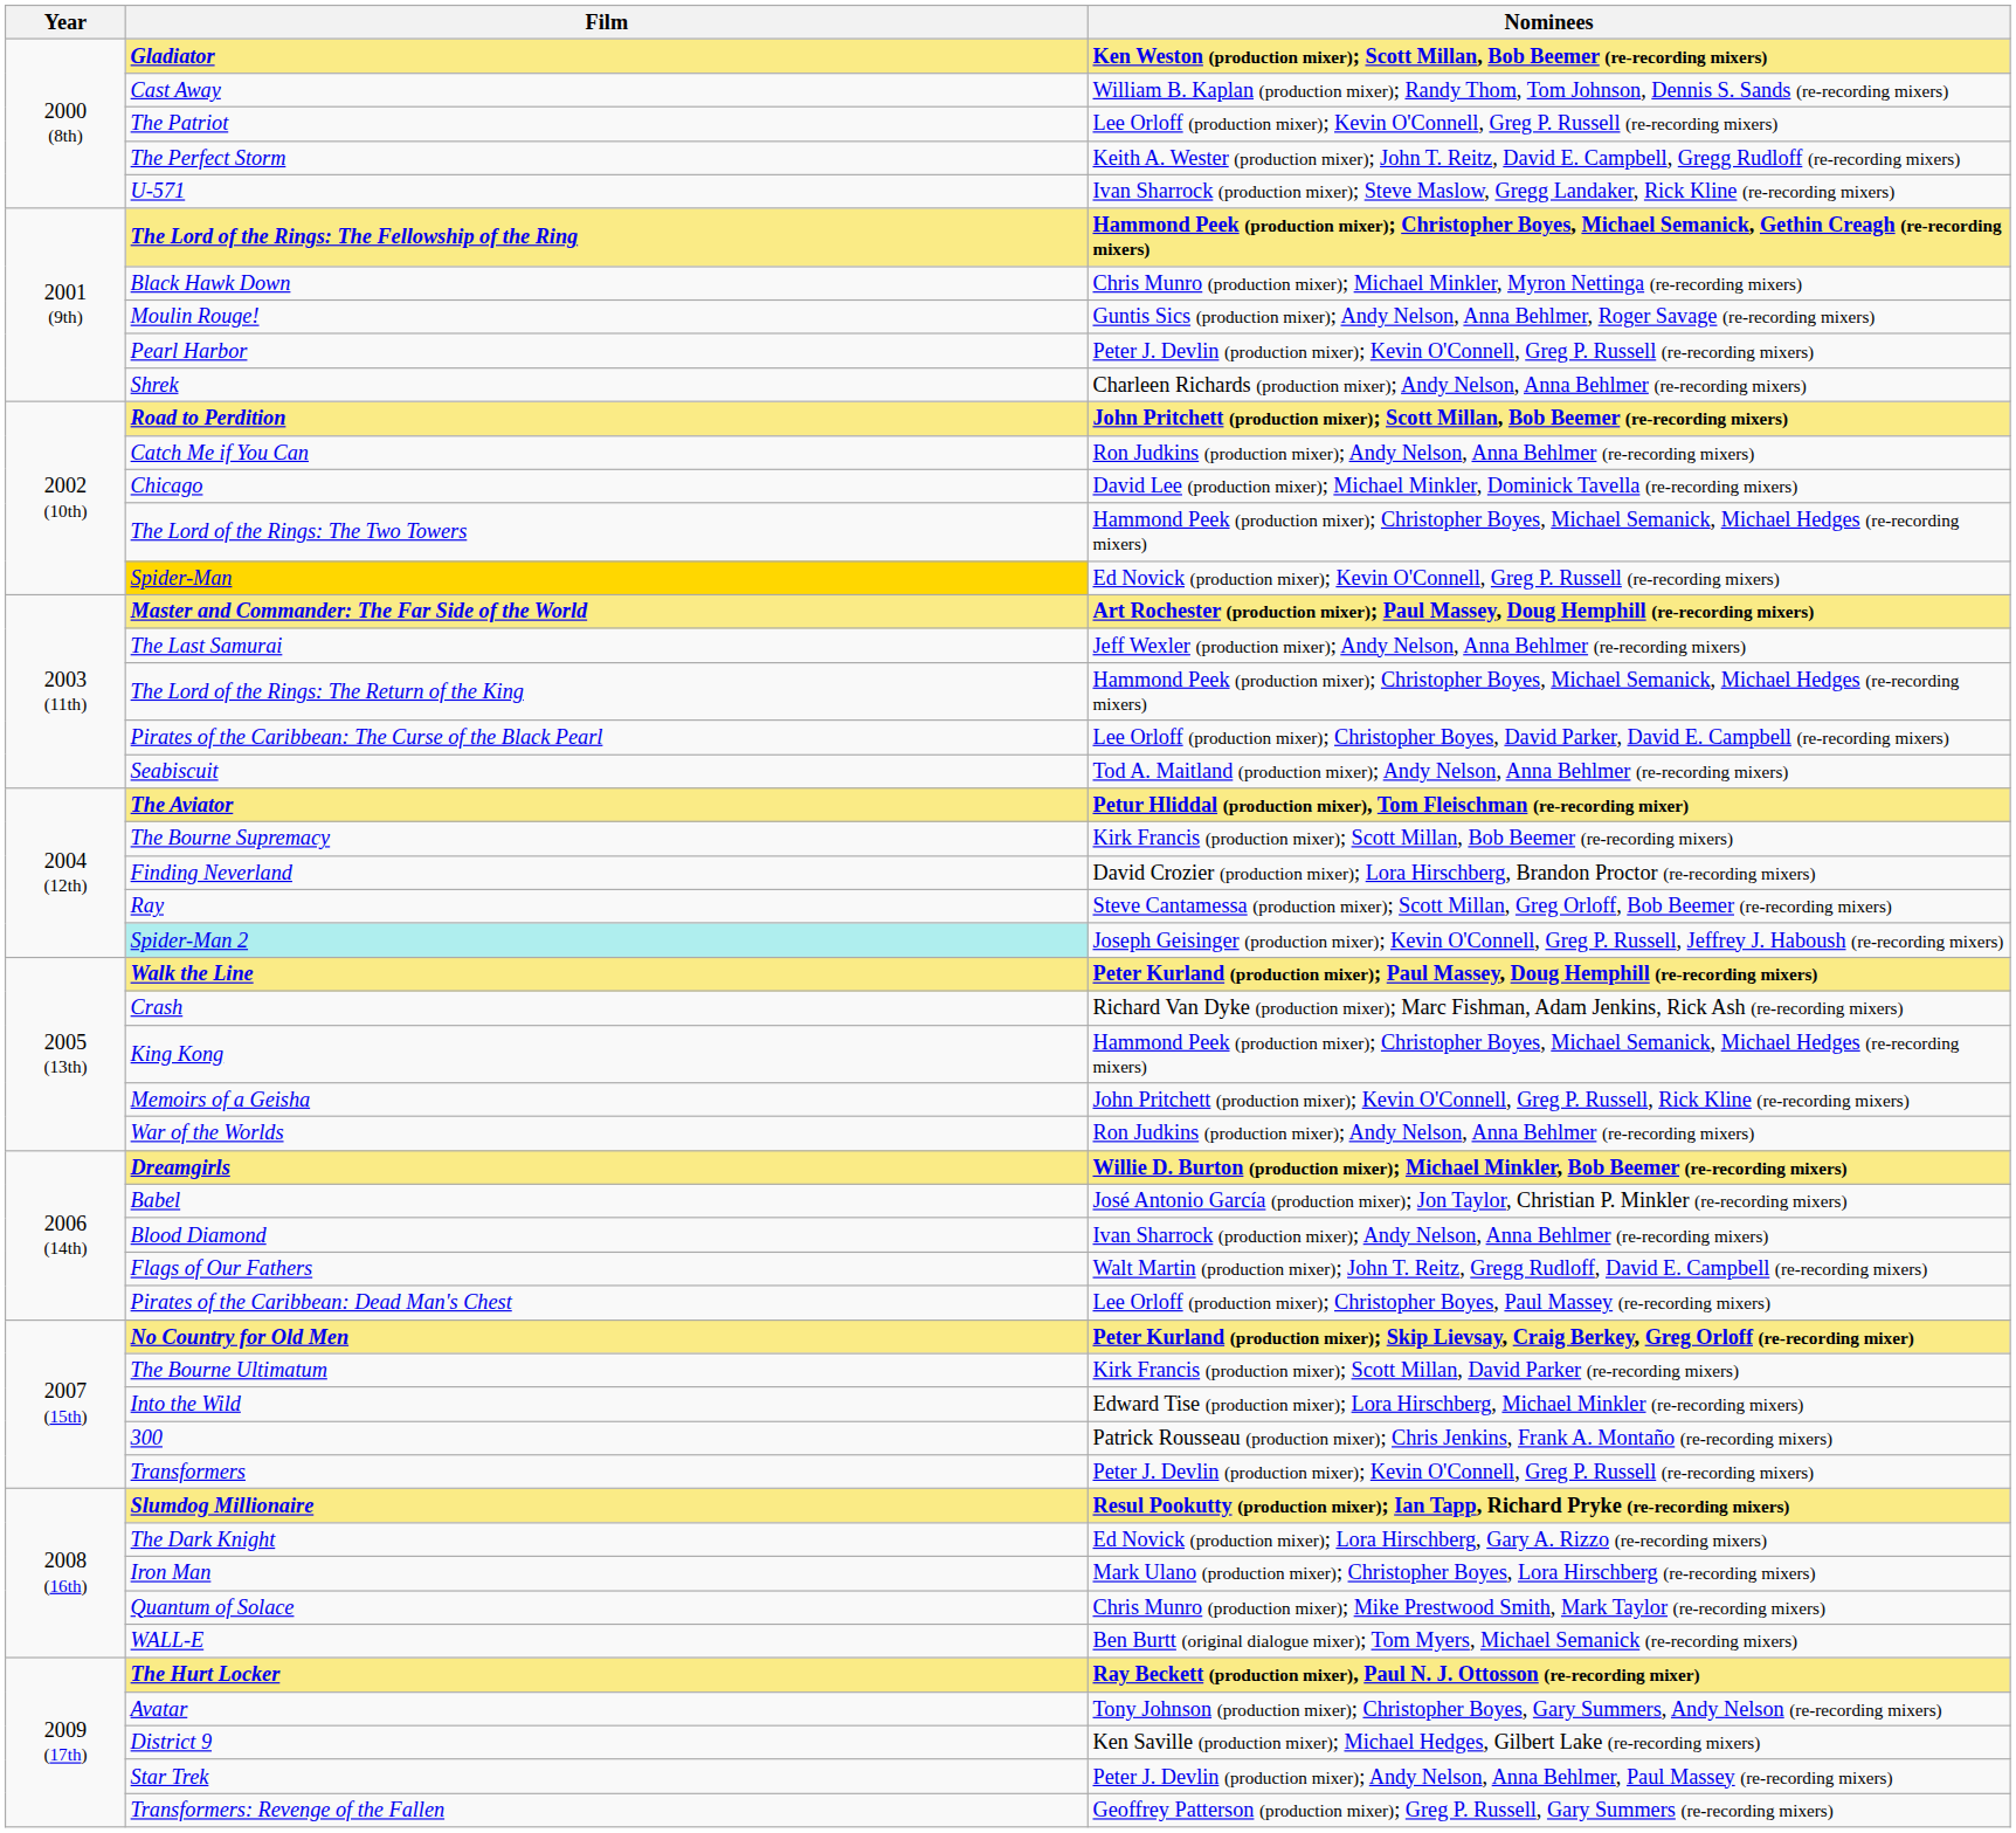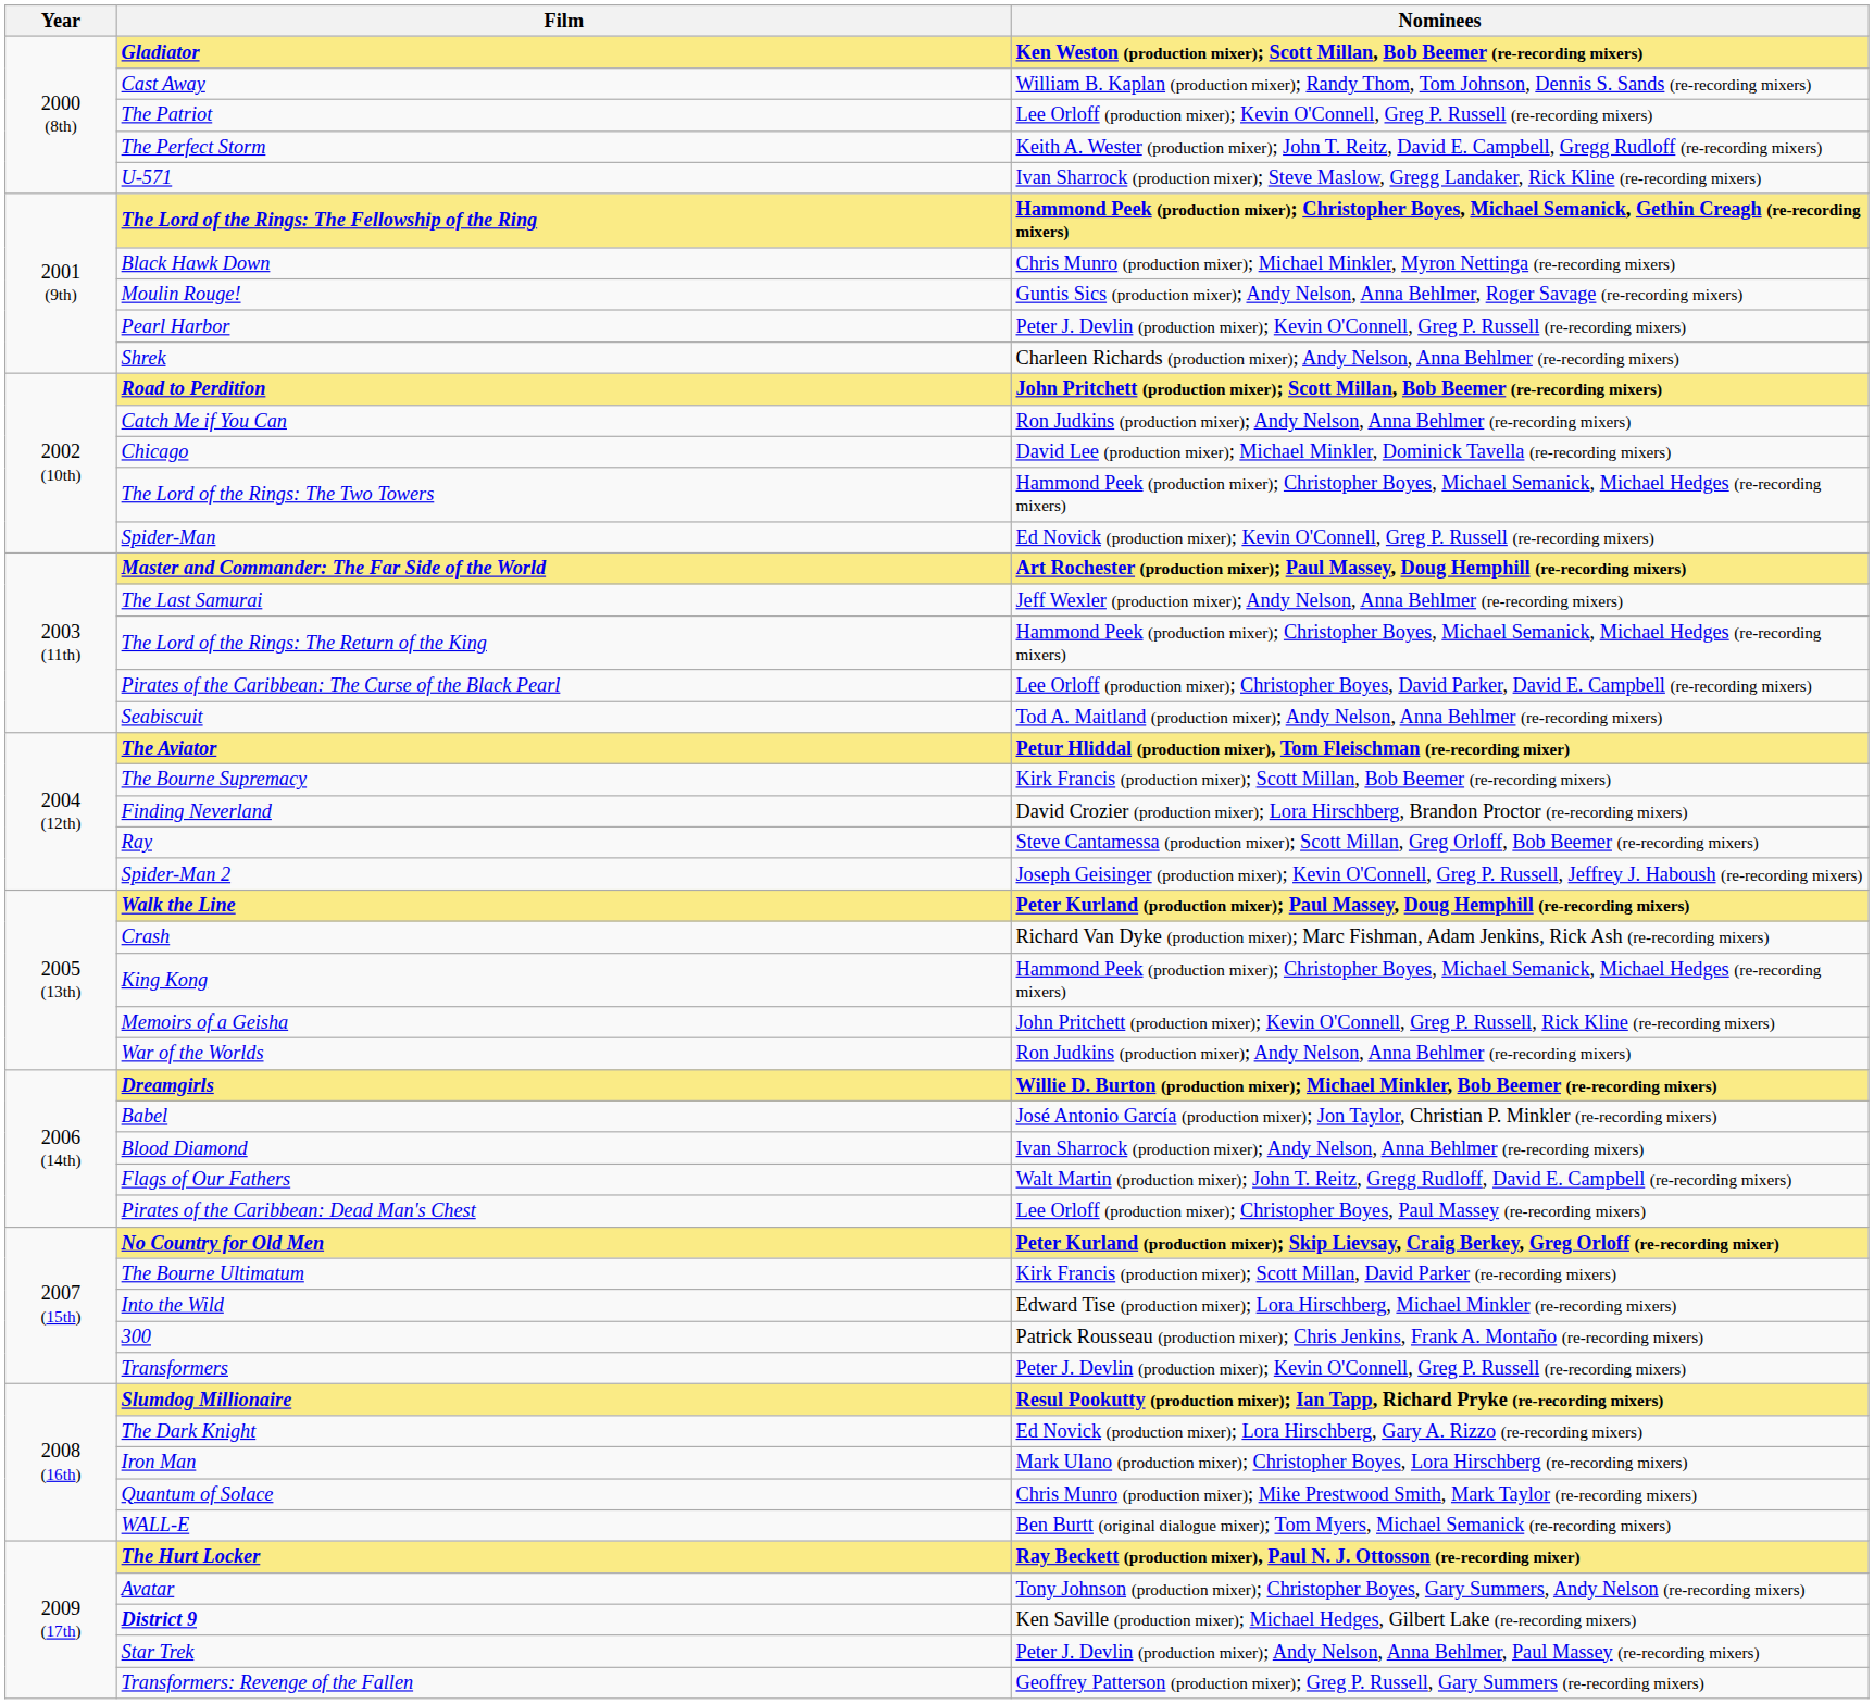 <table class="wikitable" width="95%" cellpadding="5">
 <tr>
 <th width="6%">Year</th>
 <th width="48%">Film</th>
 <th width="48%">Nominees</th>
 </tr>
 <tr>
 <td rowspan="5" style="text-align:center;">2000 <br><small>(8th)</small><br></td>
 <td style="background:#FAEB86;"><strong><em><a href='#'>Gladiator</a></em></strong></td>
 <td style="background:#FAEB86;"><strong><a href='#'>Ken Weston</a> <small>(production mixer)</small>; <a href='#'>Scott Millan</a>, <a href='#'>Bob Beemer</a> <small>(re-recording mixers)</small></strong></td>
 </tr>
 <tr>
 <td><em><a href='#'>Cast Away</a></em></td>
 <td><a href='#'>William B. Kaplan</a> <small>(production mixer)</small>; <a href='#'>Randy Thom</a>, <a href='#'>Tom Johnson</a>, <a href='#'>Dennis S. Sands</a> <small>(re-recording mixers)</small></td>
 </tr>
 <tr>
 <td><em><a href='#'>The Patriot</a></em></td>
 <td><a href='#'>Lee Orloff</a> <small>(production mixer)</small>; <a href='#'>Kevin O'Connell</a>, <a href='#'>Greg P. Russell</a> <small>(re-recording mixers)</small></td>
 </tr>
 <tr>
 <td><em><a href='#'>The Perfect Storm</a></em></td>
 <td><a href='#'>Keith A. Wester</a> <small>(production mixer)</small>; <a href='#'>John T. Reitz</a>, <a href='#'>David E. Campbell</a>, <a href='#'>Gregg Rudloff</a> <small>(re-recording mixers)</small></td>
 </tr>
 <tr>
 <td><em><a href='#'>U-571</a></em></td>
 <td><a href='#'>Ivan Sharrock</a> <small>(production mixer)</small>; <a href='#'>Steve Maslow</a>, <a href='#'>Gregg Landaker</a>, <a href='#'>Rick Kline</a> <small>(re-recording mixers)</small></td>
 </tr>
 <tr>
 <td rowspan="5" style="text-align:center;">2001 <br><small>(9th)</small><br></td>
 <td style="background:#FAEB86;"><strong><em><a href='#'>The Lord of the Rings: The Fellowship of the Ring</a></em></strong></td>
 <td style="background:#FAEB86;"><strong><a href='#'>Hammond Peek</a> <small>(production mixer)</small>; <a href='#'>Christopher Boyes</a>, <a href='#'>Michael Semanick</a>, <a href='#'>Gethin Creagh</a> <small>(re-recording mixers)</small></strong></td>
 </tr>
 <tr>
 <td><em><a href='#'>Black Hawk Down</a></em></td>
 <td><a href='#'>Chris Munro</a> <small>(production mixer)</small>; <a href='#'>Michael Minkler</a>, <a href='#'>Myron Nettinga</a> <small>(re-recording mixers)</small></td>
 </tr>
 <tr>
 <td><em><a href='#'>Moulin Rouge!</a></em></td>
 <td><a href='#'>Guntis Sics</a> <small>(production mixer)</small>; <a href='#'>Andy Nelson</a>, <a href='#'>Anna Behlmer</a>, <a href='#'>Roger Savage</a> <small>(re-recording mixers)</small></td>
 </tr>
 <tr>
 <td><em><a href='#'>Pearl Harbor</a></em></td>
 <td><a href='#'>Peter J. Devlin</a> <small>(production mixer)</small>; <a href='#'>Kevin O'Connell</a>, <a href='#'>Greg P. Russell</a> <small>(re-recording mixers)</small></td>
 </tr>
 <tr>
 <td><em><a href='#'>Shrek</a></em></td>
 <td>Charleen Richards <small>(production mixer)</small>; <a href='#'>Andy Nelson</a>, <a href='#'>Anna Behlmer</a> <small>(re-recording mixers)</small></td>
 </tr>
 <tr>
 <td rowspan="5" style="text-align:center;">2002 <br><small>(10th)</small><br></td>
 <td style="background:#FAEB86;"><strong><em><a href='#'>Road to Perdition</a></em></strong></td>
 <td style="background:#FAEB86;"><strong><a href='#'>John Pritchett</a> <small>(production mixer)</small>; <a href='#'>Scott Millan</a>, <a href='#'>Bob Beemer</a> <small>(re-recording mixers)</small></strong></td>
 </tr>
 <tr>
 <td><em><a href='#'>Catch Me if You Can</a></em></td>
 <td><a href='#'>Ron Judkins</a> <small>(production mixer)</small>; <a href='#'>Andy Nelson</a>, <a href='#'>Anna Behlmer</a> <small>(re-recording mixers)</small></td>
 </tr>
 <tr>
 <td><em><a href='#'>Chicago</a></em></td>
 <td><a href='#'>David Lee</a> <small>(production mixer)</small>; <a href='#'>Michael Minkler</a>, <a href='#'>Dominick Tavella</a> <small>(re-recording mixers)</small></td>
 </tr>
 <tr>
 <td><em><a href='#'>The Lord of the Rings: The Two Towers</a></em></td>
 <td><a href='#'>Hammond Peek</a> <small>(production mixer)</small>; <a href='#'>Christopher Boyes</a>, <a href='#'>Michael Semanick</a>, <a href='#'>Michael Hedges</a> <small>(re-recording mixers)</small></td>
 </tr>
 <tr>
-<td style="background: gold;"><em><a href='#'>Spider-Man</a></em></td>
+<td><em><a href='#'>Spider-Man</a></em></td>
 <td><a href='#'>Ed Novick</a> <small>(production mixer)</small>; <a href='#'>Kevin O'Connell</a>, <a href='#'>Greg P. Russell</a> <small>(re-recording mixers)</small></td>
 </tr>
 <tr>
 <td rowspan="5" style="text-align:center;">2003 <br><small>(11th)</small><br></td>
 <td style="background:#FAEB86;"><strong><em><a href='#'>Master and Commander: The Far Side of the World</a></em></strong></td>
 <td style="background:#FAEB86;"><strong><a href='#'>Art Rochester</a> <small>(production mixer)</small>; <a href='#'>Paul Massey</a>, <a href='#'>Doug Hemphill</a> <small>(re-recording mixers)</small></strong></td>
 </tr>
 <tr>
 <td><em><a href='#'>The Last Samurai</a></em></td>
 <td><a href='#'>Jeff Wexler</a> <small>(production mixer)</small>; <a href='#'>Andy Nelson</a>, <a href='#'>Anna Behlmer</a> <small>(re-recording mixers)</small></td>
 </tr>
 <tr>
 <td><em><a href='#'>The Lord of the Rings: The Return of the King</a></em></td>
 <td><a href='#'>Hammond Peek</a> <small>(production mixer)</small>; <a href='#'>Christopher Boyes</a>, <a href='#'>Michael Semanick</a>, <a href='#'>Michael Hedges</a> <small>(re-recording mixers)</small></td>
 </tr>
 <tr>
 <td><em><a href='#'>Pirates of the Caribbean: The Curse of the Black Pearl</a></em></td>
 <td><a href='#'>Lee Orloff</a> <small>(production mixer)</small>; <a href='#'>Christopher Boyes</a>, <a href='#'>David Parker</a>, <a href='#'>David E. Campbell</a> <small>(re-recording mixers)</small></td>
 </tr>
 <tr>
 <td><em><a href='#'>Seabiscuit</a></em></td>
 <td><a href='#'>Tod A. Maitland</a> <small>(production mixer)</small>; <a href='#'>Andy Nelson</a>, <a href='#'>Anna Behlmer</a> <small>(re-recording mixers)</small></td>
 </tr>
 <tr>
 <td rowspan="5" style="text-align:center;">2004 <br><small>(12th)</small><br></td>
 <td style="background:#FAEB86;"><strong><em><a href='#'>The Aviator</a></em></strong></td>
 <td style="background:#FAEB86;"><strong><a href='#'>Petur Hliddal</a> <small>(production mixer)</small>, <a href='#'>Tom Fleischman</a> <small>(re-recording mixer)</small></strong></td>
 </tr>
 <tr>
 <td><em><a href='#'>The Bourne Supremacy</a></em></td>
 <td><a href='#'>Kirk Francis</a> <small>(production mixer)</small>; <a href='#'>Scott Millan</a>, <a href='#'>Bob Beemer</a> <small>(re-recording mixers)</small></td>
 </tr>
 <tr>
 <td><em><a href='#'>Finding Neverland</a></em></td>
 <td>David Crozier <small>(production mixer)</small>; <a href='#'>Lora Hirschberg</a>, Brandon Proctor <small>(re-recording mixers)</small></td>
 </tr>
 <tr>
 <td><em><a href='#'>Ray</a></em></td>
 <td><a href='#'>Steve Cantamessa</a> <small>(production mixer)</small>; <a href='#'>Scott Millan</a>, <a href='#'>Greg Orloff</a>, <a href='#'>Bob Beemer</a> <small>(re-recording mixers)</small></td>
 </tr>
 <tr>
-<td style="background: paleturquoise;"><em><a href='#'>Spider-Man 2</a></em></td>
+<td><em><a href='#'>Spider-Man 2</a></em></td>
 <td><a href='#'>Joseph Geisinger</a> <small>(production mixer)</small>; <a href='#'>Kevin O'Connell</a>, <a href='#'>Greg P. Russell</a>, <a href='#'>Jeffrey J. Haboush</a> <small>(re-recording mixers)</small></td>
 </tr>
 <tr>
 <td rowspan="5" style="text-align:center;">2005 <br><small>(13th)</small><br></td>
 <td style="background:#FAEB86;"><strong><em><a href='#'>Walk the Line</a></em></strong></td>
 <td style="background:#FAEB86;"><strong><a href='#'>Peter Kurland</a> <small>(production mixer)</small>; <a href='#'>Paul Massey</a>, <a href='#'>Doug Hemphill</a> <small>(re-recording mixers)</small></strong></td>
 </tr>
 <tr>
 <td><em><a href='#'>Crash</a></em></td>
 <td>Richard Van Dyke <small>(production mixer)</small>; Marc Fishman, Adam Jenkins, Rick Ash <small>(re-recording mixers)</small></td>
 </tr>
 <tr>
 <td><em><a href='#'>King Kong</a></em></td>
 <td><a href='#'>Hammond Peek</a> <small>(production mixer)</small>; <a href='#'>Christopher Boyes</a>, <a href='#'>Michael Semanick</a>, <a href='#'>Michael Hedges</a> <small>(re-recording mixers)</small></td>
 </tr>
 <tr>
 <td><em><a href='#'>Memoirs of a Geisha</a></em></td>
 <td><a href='#'>John Pritchett</a> <small>(production mixer)</small>; <a href='#'>Kevin O'Connell</a>, <a href='#'>Greg P. Russell</a>, <a href='#'>Rick Kline</a> <small>(re-recording mixers)</small></td>
 </tr>
 <tr>
 <td><em><a href='#'>War of the Worlds</a></em></td>
 <td><a href='#'>Ron Judkins</a> <small>(production mixer)</small>; <a href='#'>Andy Nelson</a>, <a href='#'>Anna Behlmer</a> <small>(re-recording mixers)</small></td>
 </tr>
 <tr>
 <td rowspan="5" style="text-align:center;">2006 <br><small>(14th)</small><br></td>
 <td style="background:#FAEB86;"><strong><em><a href='#'>Dreamgirls</a></em></strong></td>
 <td style="background:#FAEB86;"><strong><a href='#'>Willie D. Burton</a> <small>(production mixer)</small>; <a href='#'>Michael Minkler</a>, <a href='#'>Bob Beemer</a> <small>(re-recording mixers)</small></strong></td>
 </tr>
 <tr>
 <td><em><a href='#'>Babel</a></em></td>
 <td><a href='#'>José Antonio García</a> <small>(production mixer)</small>; <a href='#'>Jon Taylor</a>, Christian P. Minkler <small>(re-recording mixers)</small></td>
 </tr>
 <tr>
 <td><em><a href='#'>Blood Diamond</a></em></td>
 <td><a href='#'>Ivan Sharrock</a> <small>(production mixer)</small>; <a href='#'>Andy Nelson</a>, <a href='#'>Anna Behlmer</a> <small>(re-recording mixers)</small></td>
 </tr>
 <tr>
 <td><em><a href='#'>Flags of Our Fathers</a></em></td>
 <td><a href='#'>Walt Martin</a> <small>(production mixer)</small>; <a href='#'>John T. Reitz</a>, <a href='#'>Gregg Rudloff</a>, <a href='#'>David E. Campbell</a> <small>(re-recording mixers)</small></td>
 </tr>
 <tr>
 <td><em><a href='#'>Pirates of the Caribbean: Dead Man's Chest</a></em></td>
 <td><a href='#'>Lee Orloff</a> <small>(production mixer)</small>; <a href='#'>Christopher Boyes</a>, <a href='#'>Paul Massey</a> <small>(re-recording mixers)</small></td>
 </tr>
 <tr>
 <td rowspan="5" style="text-align:center;">2007 <br><small>(<a href='#'>15th</a>)</small><br></td>
 <td style="background:#FAEB86;"><strong><em><a href='#'>No Country for Old Men</a></em></strong></td>
 <td style="background:#FAEB86;"><strong><a href='#'>Peter Kurland</a> <small>(production mixer)</small>; <a href='#'>Skip Lievsay</a>, <a href='#'>Craig Berkey</a>, <a href='#'>Greg Orloff</a> <small>(re-recording mixer)</small></strong></td>
 </tr>
 <tr>
 <td><em><a href='#'>The Bourne Ultimatum</a></em></td>
 <td><a href='#'>Kirk Francis</a> <small>(production mixer)</small>; <a href='#'>Scott Millan</a>, <a href='#'>David Parker</a> <small>(re-recording mixers)</small></td>
 </tr>
 <tr>
 <td><em><a href='#'>Into the Wild</a></em></td>
 <td>Edward Tise <small>(production mixer)</small>; <a href='#'>Lora Hirschberg</a>, <a href='#'>Michael Minkler</a> <small>(re-recording mixers)</small></td>
 </tr>
 <tr>
 <td><em><a href='#'>300</a></em></td>
 <td>Patrick Rousseau <small>(production mixer)</small>; <a href='#'>Chris Jenkins</a>, <a href='#'>Frank A. Montaño</a> <small>(re-recording mixers)</small></td>
 </tr>
 <tr>
 <td><em><a href='#'>Transformers</a></em></td>
 <td><a href='#'>Peter J. Devlin</a> <small>(production mixer)</small>; <a href='#'>Kevin O'Connell</a>, <a href='#'>Greg P. Russell</a> <small>(re-recording mixers)</small></td>
 </tr>
 <tr>
 <td rowspan="5" style="text-align:center;">2008 <br><small>(<a href='#'>16th</a>)</small><br></td>
 <td style="background:#FAEB86;"><strong><em><a href='#'>Slumdog Millionaire</a></em></strong></td>
 <td style="background:#FAEB86;"><strong><a href='#'>Resul Pookutty</a> <small>(production mixer)</small>; <a href='#'>Ian Tapp</a>, Richard Pryke <small>(re-recording mixers)</small></strong></td>
 </tr>
 <tr>
 <td><em><a href='#'>The Dark Knight</a></em></td>
 <td><a href='#'>Ed Novick</a> <small>(production mixer)</small>; <a href='#'>Lora Hirschberg</a>, <a href='#'>Gary A. Rizzo</a> <small>(re-recording mixers)</small></td>
 </tr>
 <tr>
 <td><em><a href='#'>Iron Man</a></em></td>
 <td><a href='#'>Mark Ulano</a> <small>(production mixer)</small>; <a href='#'>Christopher Boyes</a>, <a href='#'>Lora Hirschberg</a> <small>(re-recording mixers)</small></td>
 </tr>
 <tr>
 <td><em><a href='#'>Quantum of Solace</a></em></td>
 <td><a href='#'>Chris Munro</a> <small>(production mixer)</small>; <a href='#'>Mike Prestwood Smith</a>, <a href='#'>Mark Taylor</a> <small>(re-recording mixers)</small></td>
 </tr>
 <tr>
 <td><em><a href='#'>WALL-E</a></em></td>
 <td><a href='#'>Ben Burtt</a> <small>(original dialogue mixer)</small>; <a href='#'>Tom Myers</a>, <a href='#'>Michael Semanick</a> <small>(re-recording mixers)</small></td>
 </tr>
 <tr>
 <td rowspan="5" style="text-align:center;">2009 <br><small>(<a href='#'>17th</a>)</small><br></td>
 <td style="background:#FAEB86;"><strong><em><a href='#'>The Hurt Locker</a></em></strong></td>
 <td style="background:#FAEB86;"><strong><a href='#'>Ray Beckett</a> <small>(production mixer)</small>, <a href='#'>Paul N. J. Ottosson</a> <small>(re-recording mixer)</small></strong></td>
 </tr>
 <tr>
 <td><em><a href='#'>Avatar</a></em></td>
 <td><a href='#'>Tony Johnson</a> <small>(production mixer)</small>; <a href='#'>Christopher Boyes</a>, <a href='#'>Gary Summers</a>, <a href='#'>Andy Nelson</a> <small>(re-recording mixers)</small></td>
 </tr>
 <tr>
-<td><em><a href='#'>District 9</a></em></td>
+<td><strong><em><a href='#'>District 9</a></em></strong></td>
 <td>Ken Saville <small>(production mixer)</small>; <a href='#'>Michael Hedges</a>, Gilbert Lake <small>(re-recording mixers)</small></td>
 </tr>
 <tr>
 <td><em><a href='#'>Star Trek</a></em></td>
 <td><a href='#'>Peter J. Devlin</a> <small>(production mixer)</small>; <a href='#'>Andy Nelson</a>, <a href='#'>Anna Behlmer</a>, <a href='#'>Paul Massey</a> <small>(re-recording mixers)</small></td>
 </tr>
 <tr>
 <td><em><a href='#'>Transformers: Revenge of the Fallen</a></em></td>
 <td><a href='#'>Geoffrey Patterson</a> <small>(production mixer)</small>; <a href='#'>Greg P. Russell</a>, <a href='#'>Gary Summers</a> <small>(re-recording mixers)</small></td>
 </tr>
 </table>
